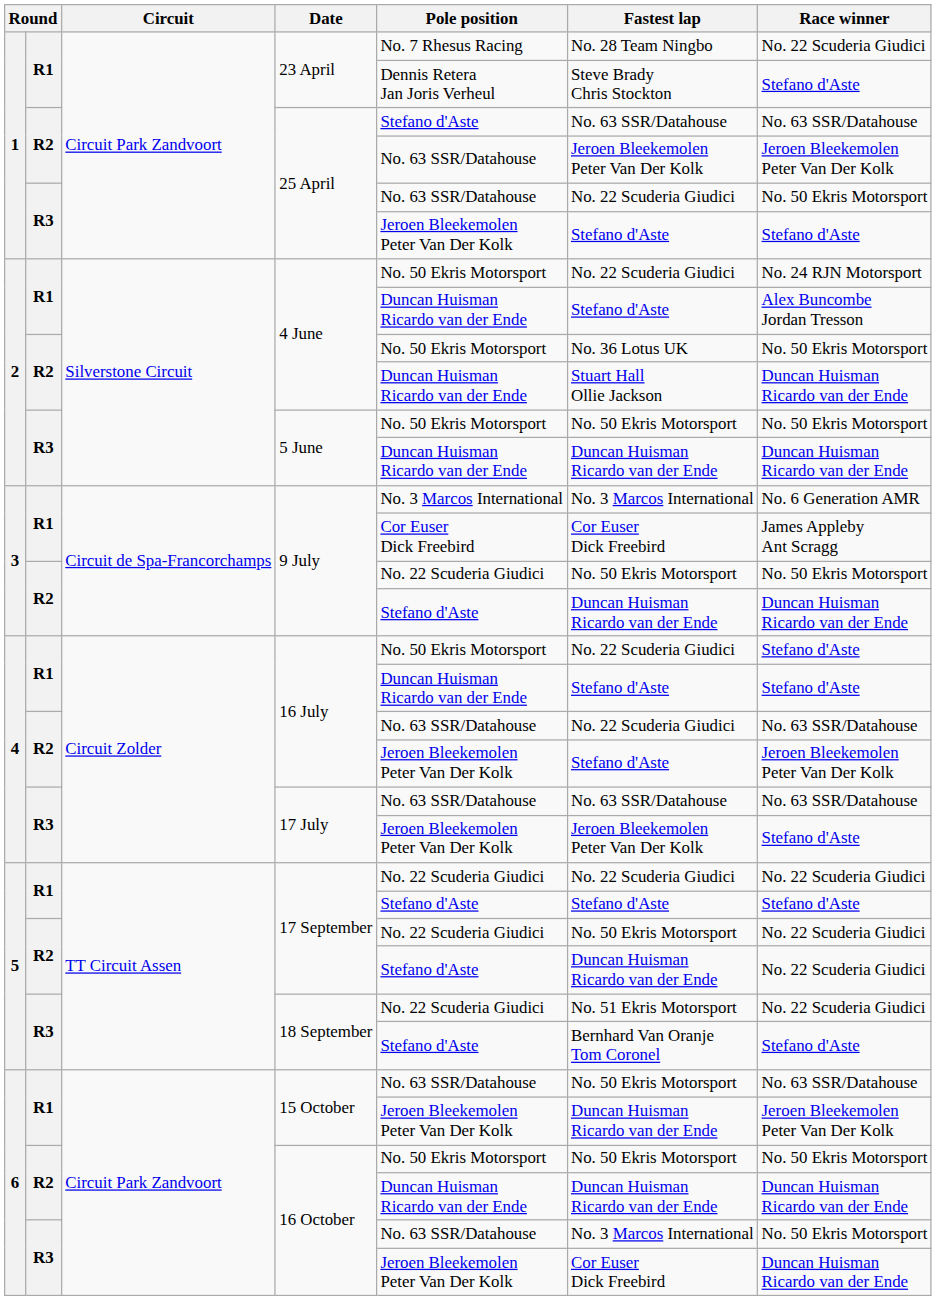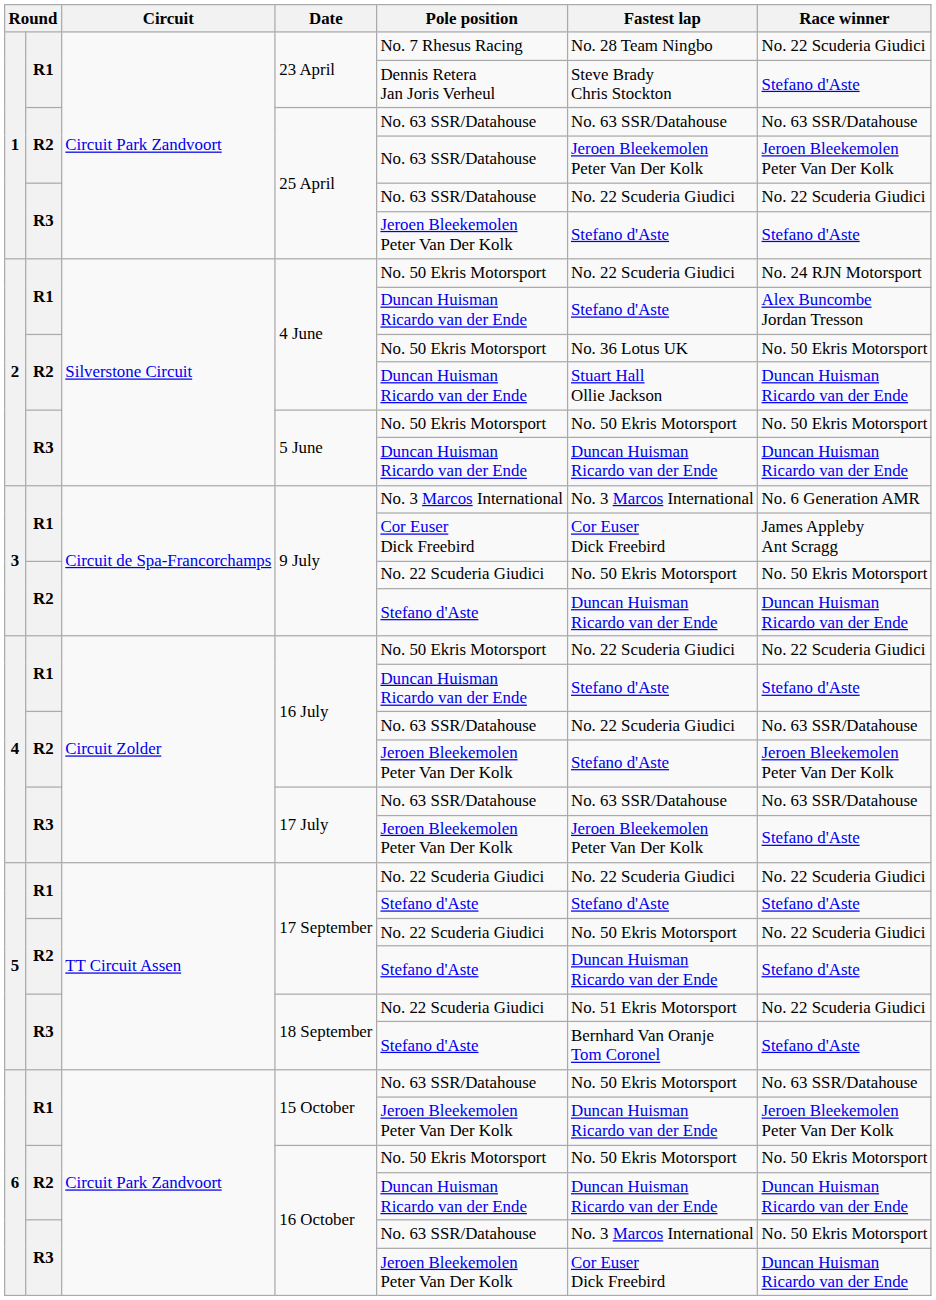 <table class="wikitable" style="font-size: 85%;">
 <tr>
 <th colspan=2>Round</th>
 <th>Circuit</th>
 <th>Date</th>
 <th>Pole position</th>
 <th>Fastest lap</th>
 <th>Race winner</th>
 </tr>
 <tr>
 <th rowspan=6>1</th>
 <th rowspan=2>R1</th>
 <td rowspan=6> <a href='#'>Circuit Park Zandvoort</a></td>
 <td rowspan=2>23 April</td>
 <td>No. 7 Rhesus Racing</td>
 <td>No. 28 Team Ningbo</td>
 <td>No. 22 Scuderia Giudici</td>
 </tr>
 <tr>
 <td> Dennis Retera<br> Jan Joris Verheul</td>
 <td> Steve Brady<br> Chris Stockton</td>
 <td> <a href='#'>Stefano d'Aste</a></td>
 </tr>
 <tr>
 <th rowspan=2>R2</th>
 <td rowspan=4>25 April</td>
-<td> <a href='#'>Stefano d'Aste</a></td>
+<td>No. 63 SSR/Datahouse</td>
 <td>No. 63 SSR/Datahouse</td>
 <td>No. 63 SSR/Datahouse</td>
 </tr>
 <tr>
 <td>No. 63 SSR/Datahouse</td>
 <td> <a href='#'>Jeroen Bleekemolen</a><br> Peter Van Der Kolk</td>
 <td> <a href='#'>Jeroen Bleekemolen</a><br> Peter Van Der Kolk</td>
 </tr>
 <tr>
 <th rowspan=2>R3</th>
 <td>No. 63 SSR/Datahouse</td>
 <td>No. 22 Scuderia Giudici</td>
-<td>No. 50 Ekris Motorsport</td>
+<td>No. 22 Scuderia Giudici</td>
 </tr>
 <tr>
 <td> <a href='#'>Jeroen Bleekemolen</a><br> Peter Van Der Kolk</td>
 <td> <a href='#'>Stefano d'Aste</a></td>
 <td> <a href='#'>Stefano d'Aste</a></td>
 </tr>
 <tr>
 <th rowspan=6>2</th>
 <th rowspan=2>R1</th>
 <td rowspan=6> <a href='#'>Silverstone Circuit</a></td>
 <td rowspan=4>4 June</td>
 <td>No. 50 Ekris Motorsport</td>
 <td>No. 22 Scuderia Giudici</td>
 <td>No. 24 RJN Motorsport</td>
 </tr>
 <tr>
 <td> <a href='#'>Duncan Huisman</a><br> <a href='#'>Ricardo van der Ende</a></td>
 <td> <a href='#'>Stefano d'Aste</a></td>
 <td> <a href='#'>Alex Buncombe</a><br> Jordan Tresson</td>
 </tr>
 <tr>
 <th rowspan=2>R2</th>
 <td>No. 50 Ekris Motorsport</td>
 <td>No. 36 Lotus UK</td>
 <td>No. 50 Ekris Motorsport</td>
 </tr>
 <tr>
 <td> <a href='#'>Duncan Huisman</a><br> <a href='#'>Ricardo van der Ende</a></td>
 <td> <a href='#'>Stuart Hall</a><br> Ollie Jackson</td>
 <td> <a href='#'>Duncan Huisman</a><br> <a href='#'>Ricardo van der Ende</a></td>
 </tr>
 <tr>
 <th rowspan=2>R3</th>
 <td rowspan=2>5 June</td>
 <td>No. 50 Ekris Motorsport</td>
 <td>No. 50 Ekris Motorsport</td>
 <td>No. 50 Ekris Motorsport</td>
 </tr>
 <tr>
 <td> <a href='#'>Duncan Huisman</a><br> <a href='#'>Ricardo van der Ende</a></td>
 <td> <a href='#'>Duncan Huisman</a><br> <a href='#'>Ricardo van der Ende</a></td>
 <td> <a href='#'>Duncan Huisman</a><br> <a href='#'>Ricardo van der Ende</a></td>
 </tr>
 <tr>
 <th rowspan=4>3</th>
 <th rowspan=2>R1</th>
 <td rowspan=4> <a href='#'>Circuit de Spa-Francorchamps</a></td>
 <td rowspan=4>9 July</td>
 <td>No. 3 <a href='#'>Marcos</a> International</td>
 <td>No. 3 <a href='#'>Marcos</a> International</td>
 <td>No. 6 Generation AMR</td>
 </tr>
 <tr>
 <td> <a href='#'>Cor Euser</a><br> Dick Freebird</td>
 <td> <a href='#'>Cor Euser</a><br> Dick Freebird</td>
 <td> James Appleby<br> Ant Scragg</td>
 </tr>
 <tr>
 <th rowspan=2>R2</th>
 <td>No. 22 Scuderia Giudici</td>
 <td>No. 50 Ekris Motorsport</td>
 <td>No. 50 Ekris Motorsport</td>
 </tr>
 <tr>
 <td> <a href='#'>Stefano d'Aste</a></td>
 <td> <a href='#'>Duncan Huisman</a><br> <a href='#'>Ricardo van der Ende</a></td>
 <td> <a href='#'>Duncan Huisman</a><br> <a href='#'>Ricardo van der Ende</a></td>
 </tr>
 <tr>
 <th rowspan=6>4</th>
 <th rowspan=2>R1</th>
 <td rowspan=6> <a href='#'>Circuit Zolder</a></td>
 <td rowspan=4>16 July</td>
 <td>No. 50 Ekris Motorsport</td>
 <td>No. 22 Scuderia Giudici</td>
-<td> <a href='#'>Stefano d'Aste</a></td>
+<td>No. 22 Scuderia Giudici</td>
 </tr>
 <tr>
 <td> <a href='#'>Duncan Huisman</a><br> <a href='#'>Ricardo van der Ende</a></td>
 <td> <a href='#'>Stefano d'Aste</a></td>
 <td> <a href='#'>Stefano d'Aste</a></td>
 </tr>
 <tr>
 <th rowspan=2>R2</th>
 <td>No. 63 SSR/Datahouse</td>
 <td>No. 22 Scuderia Giudici</td>
 <td>No. 63 SSR/Datahouse</td>
 </tr>
 <tr>
 <td> <a href='#'>Jeroen Bleekemolen</a><br> Peter Van Der Kolk</td>
 <td> <a href='#'>Stefano d'Aste</a></td>
 <td> <a href='#'>Jeroen Bleekemolen</a><br> Peter Van Der Kolk</td>
 </tr>
 <tr>
 <th rowspan=2>R3</th>
 <td rowspan=2>17 July</td>
 <td>No. 63 SSR/Datahouse</td>
 <td>No. 63 SSR/Datahouse</td>
 <td>No. 63 SSR/Datahouse</td>
 </tr>
 <tr>
 <td> <a href='#'>Jeroen Bleekemolen</a><br> Peter Van Der Kolk</td>
 <td> <a href='#'>Jeroen Bleekemolen</a><br> Peter Van Der Kolk</td>
 <td> <a href='#'>Stefano d'Aste</a></td>
 </tr>
 <tr>
 <th rowspan=6>5</th>
 <th rowspan=2>R1</th>
 <td rowspan=6> <a href='#'>TT Circuit Assen</a></td>
 <td rowspan=4>17 September</td>
 <td>No. 22 Scuderia Giudici</td>
 <td>No. 22 Scuderia Giudici</td>
 <td>No. 22 Scuderia Giudici</td>
 </tr>
 <tr>
 <td> <a href='#'>Stefano d'Aste</a></td>
 <td> <a href='#'>Stefano d'Aste</a></td>
 <td> <a href='#'>Stefano d'Aste</a></td>
 </tr>
 <tr>
 <th rowspan=2>R2</th>
 <td>No. 22 Scuderia Giudici</td>
 <td>No. 50 Ekris Motorsport</td>
 <td>No. 22 Scuderia Giudici</td>
 </tr>
 <tr>
 <td> <a href='#'>Stefano d'Aste</a></td>
 <td> <a href='#'>Duncan Huisman</a><br> <a href='#'>Ricardo van der Ende</a></td>
-<td>No. 22 Scuderia Giudici</td>
+<td> <a href='#'>Stefano d'Aste</a></td>
 </tr>
 <tr>
 <th rowspan=2>R3</th>
 <td rowspan=2>18 September</td>
 <td>No. 22 Scuderia Giudici</td>
 <td>No. 51 Ekris Motorsport</td>
 <td>No. 22 Scuderia Giudici</td>
 </tr>
 <tr>
 <td> <a href='#'>Stefano d'Aste</a></td>
 <td> Bernhard Van Oranje<br> <a href='#'>Tom Coronel</a></td>
 <td> <a href='#'>Stefano d'Aste</a></td>
 </tr>
 <tr>
 <th rowspan=6>6</th>
 <th rowspan=2>R1</th>
 <td rowspan=6> <a href='#'>Circuit Park Zandvoort</a></td>
 <td rowspan=2>15 October</td>
 <td>No. 63 SSR/Datahouse</td>
 <td>No. 50 Ekris Motorsport</td>
 <td>No. 63 SSR/Datahouse</td>
 </tr>
 <tr>
 <td> <a href='#'>Jeroen Bleekemolen</a><br> Peter Van Der Kolk</td>
 <td> <a href='#'>Duncan Huisman</a><br> <a href='#'>Ricardo van der Ende</a></td>
 <td> <a href='#'>Jeroen Bleekemolen</a><br> Peter Van Der Kolk</td>
 </tr>
 <tr>
 <th rowspan=2>R2</th>
 <td rowspan=4>16 October</td>
 <td>No. 50 Ekris Motorsport</td>
 <td>No. 50 Ekris Motorsport</td>
 <td>No. 50 Ekris Motorsport</td>
 </tr>
 <tr>
 <td> <a href='#'>Duncan Huisman</a><br> <a href='#'>Ricardo van der Ende</a></td>
 <td> <a href='#'>Duncan Huisman</a><br> <a href='#'>Ricardo van der Ende</a></td>
 <td> <a href='#'>Duncan Huisman</a><br> <a href='#'>Ricardo van der Ende</a></td>
 </tr>
 <tr>
 <th rowspan=2>R3</th>
 <td>No. 63 SSR/Datahouse</td>
 <td>No. 3 <a href='#'>Marcos</a> International</td>
 <td>No. 50 Ekris Motorsport</td>
 </tr>
 <tr>
 <td> <a href='#'>Jeroen Bleekemolen</a><br> Peter Van Der Kolk</td>
 <td> <a href='#'>Cor Euser</a><br> Dick Freebird</td>
 <td> <a href='#'>Duncan Huisman</a><br> <a href='#'>Ricardo van der Ende</a></td>
 </tr>
 </table>
